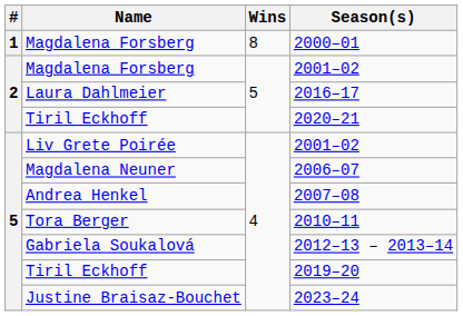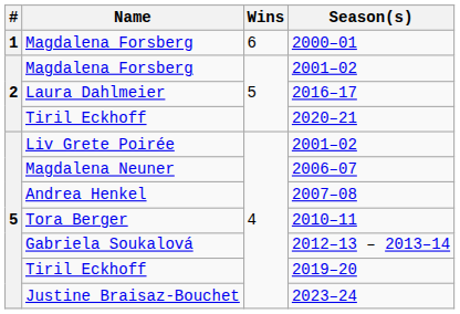 <table class="wikitable plainrowheaders" style="display:inline-table;">
 <tr>
 <th>#</th>
 <th>Name</th>
 <th>Wins</th>
 <th>Season(s)</th>
 </tr>
 <tr>
 <th>1</th>
 <td style="text-align:left"> <a href='#'>Magdalena Forsberg</a></td>
-<td>8</td>
+<td>6</td>
 <td><a href='#'>2000–01</a></td>
 </tr>
 <tr>
 <th rowspan=3>2</th>
 <td style="text-align:left"> <a href='#'>Magdalena Forsberg</a></td>
 <td rowspan=3>5</td>
 <td><a href='#'>2001–02</a></td>
 </tr>
 <tr>
 <td style="text-align:left"> <a href='#'>Laura Dahlmeier</a></td>
 <td><a href='#'>2016–17</a></td>
 </tr>
 <tr>
 <td style="text-align:left"> <a href='#'>Tiril Eckhoff</a></td>
 <td><a href='#'>2020–21</a></td>
 </tr>
 <tr>
 <th rowspan=7>5</th>
 <td style="text-align:left"> <a href='#'>Liv Grete Poirée</a></td>
 <td rowspan=7>4</td>
 <td><a href='#'>2001–02</a></td>
 </tr>
 <tr>
 <td style="text-align:left"> <a href='#'>Magdalena Neuner</a></td>
 <td><a href='#'>2006–07</a></td>
 </tr>
 <tr>
 <td style="text-align:left"> <a href='#'>Andrea Henkel</a></td>
 <td><a href='#'>2007–08</a></td>
 </tr>
 <tr>
 <td style="text-align:left"> <a href='#'>Tora Berger</a></td>
 <td><a href='#'>2010–11</a></td>
 </tr>
 <tr>
 <td style="text-align:left"> <a href='#'>Gabriela Soukalová</a></td>
 <td><a href='#'>2012–13</a> – <a href='#'>2013–14</a></td>
 </tr>
 <tr>
 <td style="text-align:left"> <a href='#'>Tiril Eckhoff</a></td>
 <td><a href='#'>2019–20</a></td>
 </tr>
 <tr>
 <td style="text-align:left"> <a href='#'>Justine Braisaz-Bouchet</a></td>
 <td><a href='#'>2023–24</a></td>
 </tr>
 </table>
